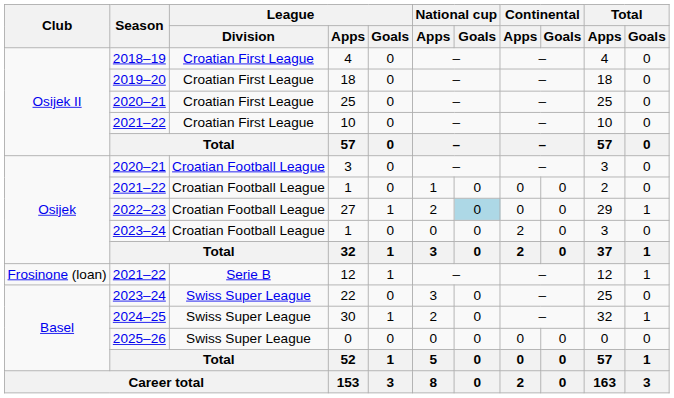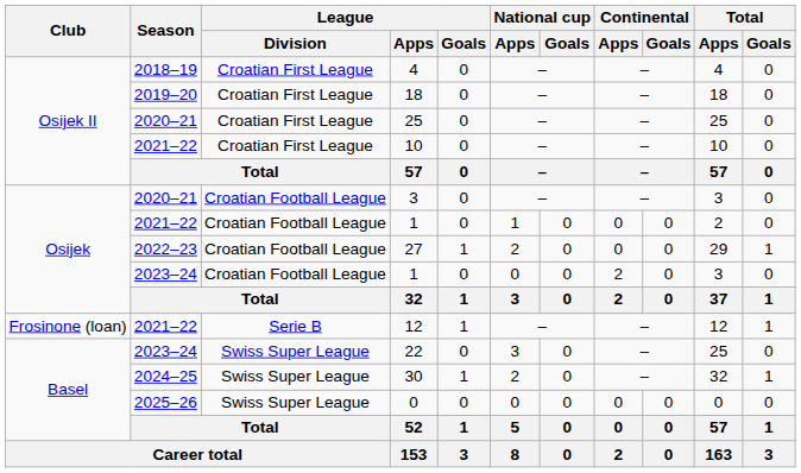 <table class="wikitable" style="text-align:center">
 <tr>
 <th rowspan=2>Club</th>
 <th rowspan=2>Season</th>
 <th colspan=3>League</th>
 <th colspan=2>National cup</th>
 <th colspan=2>Continental</th>
 <th colspan=2>Total</th>
 </tr>
 <tr>
 <th>Division</th>
 <th>Apps</th>
 <th>Goals</th>
 <th>Apps</th>
 <th>Goals</th>
 <th>Apps</th>
 <th>Goals</th>
 <th>Apps</th>
 <th>Goals</th>
 </tr>
 <tr>
 <td rowspan=5><a href='#'>Osijek II</a></td>
 <td><a href='#'>2018–19</a></td>
 <td><a href='#'>Croatian First League</a></td>
 <td>4</td>
 <td>0</td>
 <td colspan=2>–</td>
 <td colspan=2>–</td>
 <td>4</td>
 <td>0</td>
 </tr>
 <tr>
 <td><a href='#'>2019–20</a></td>
 <td>Croatian First League</td>
 <td>18</td>
 <td>0</td>
 <td colspan=2>–</td>
 <td colspan=2>–</td>
 <td>18</td>
 <td>0</td>
 </tr>
 <tr>
 <td><a href='#'>2020–21</a></td>
 <td>Croatian First League</td>
 <td>25</td>
 <td>0</td>
 <td colspan=2>–</td>
 <td colspan=2>–</td>
 <td>25</td>
 <td>0</td>
 </tr>
 <tr>
 <td><a href='#'>2021–22</a></td>
 <td>Croatian First League</td>
 <td>10</td>
 <td>0</td>
 <td colspan=2>–</td>
 <td colspan=2>–</td>
 <td>10</td>
 <td>0</td>
 </tr>
 <tr>
 <th colspan=2>Total</th>
 <th>57</th>
 <th>0</th>
 <th colspan=2>–</th>
 <th colspan=2>–</th>
 <th>57</th>
 <th>0</th>
 </tr>
 <tr>
 <td rowspan=5><a href='#'>Osijek</a></td>
 <td><a href='#'>2020–21</a></td>
 <td><a href='#'>Croatian Football League</a></td>
 <td>3</td>
 <td>0</td>
 <td colspan=2>–</td>
 <td colspan=2>–</td>
 <td>3</td>
 <td>0</td>
 </tr>
 <tr>
 <td><a href='#'>2021–22</a></td>
 <td>Croatian Football League</td>
 <td>1</td>
 <td>0</td>
 <td>1</td>
 <td>0</td>
 <td>0</td>
 <td>0</td>
 <td>2</td>
 <td>0</td>
 </tr>
 <tr>
 <td><a href='#'>2022–23</a></td>
 <td>Croatian Football League</td>
 <td>27</td>
 <td>1</td>
 <td>2</td>
-<td style="background: lightblue;">0</td>
+<td>0</td>
 <td>0</td>
 <td>0</td>
 <td>29</td>
 <td>1</td>
 </tr>
 <tr>
 <td><a href='#'>2023–24</a></td>
 <td>Croatian Football League</td>
 <td>1</td>
 <td>0</td>
 <td>0</td>
 <td>0</td>
 <td>2</td>
 <td>0</td>
 <td>3</td>
 <td>0</td>
 </tr>
 <tr>
 <th colspan=2>Total</th>
 <th>32</th>
 <th>1</th>
 <th>3</th>
 <th>0</th>
 <th>2</th>
 <th>0</th>
 <th>37</th>
 <th>1</th>
 </tr>
 <tr>
 <td><a href='#'>Frosinone</a> (loan)</td>
 <td><a href='#'>2021–22</a></td>
 <td><a href='#'>Serie B</a></td>
 <td>12</td>
 <td>1</td>
 <td colspan=2>–</td>
 <td colspan=2>–</td>
 <td>12</td>
 <td>1</td>
 </tr>
 <tr>
 <td rowspan=4><a href='#'>Basel</a></td>
 <td><a href='#'>2023–24</a></td>
 <td><a href='#'>Swiss Super League</a></td>
 <td>22</td>
 <td>0</td>
 <td>3</td>
 <td>0</td>
 <td colspan=2>–</td>
 <td>25</td>
 <td>0</td>
 </tr>
 <tr>
 <td><a href='#'>2024–25</a></td>
 <td>Swiss Super League</td>
 <td>30</td>
 <td>1</td>
 <td>2</td>
 <td>0</td>
 <td colspan=2>–</td>
 <td>32</td>
 <td>1</td>
 </tr>
 <tr>
 <td><a href='#'>2025–26</a></td>
 <td>Swiss Super League</td>
 <td>0</td>
 <td>0</td>
 <td>0</td>
 <td>0</td>
 <td>0</td>
 <td>0</td>
 <td>0</td>
 <td>0</td>
 </tr>
 <tr>
 <th colspan=2>Total</th>
 <th>52</th>
 <th>1</th>
 <th>5</th>
 <th>0</th>
 <th>0</th>
 <th>0</th>
 <th>57</th>
 <th>1</th>
 </tr>
 <tr>
 <th colspan=3>Career total</th>
 <th>153</th>
 <th>3</th>
 <th>8</th>
 <th>0</th>
 <th>2</th>
 <th>0</th>
 <th>163</th>
 <th>3</th>
 </tr>
 </table>
